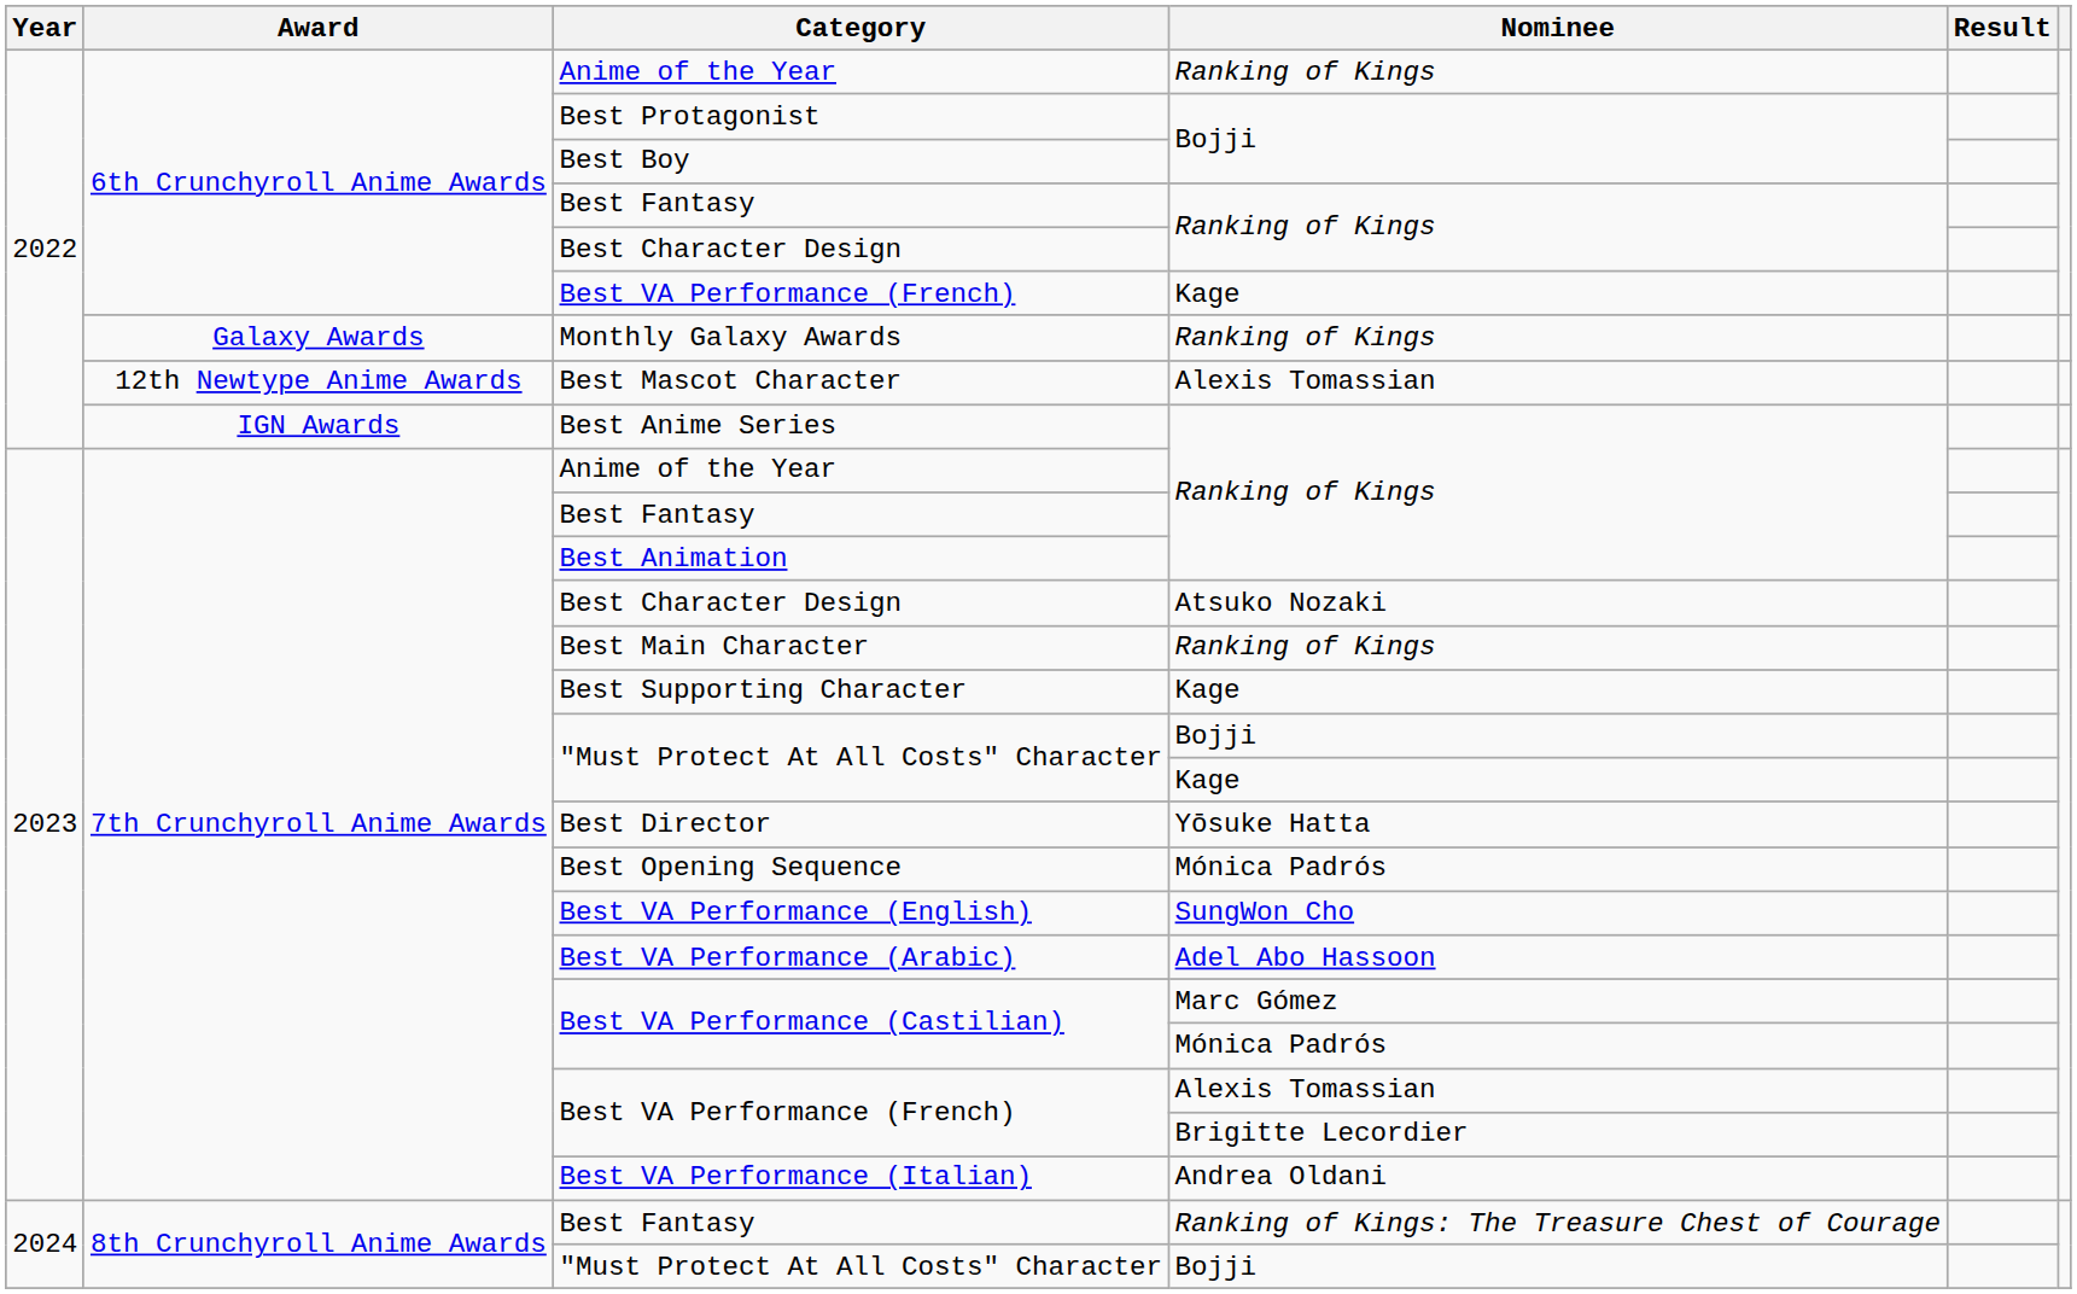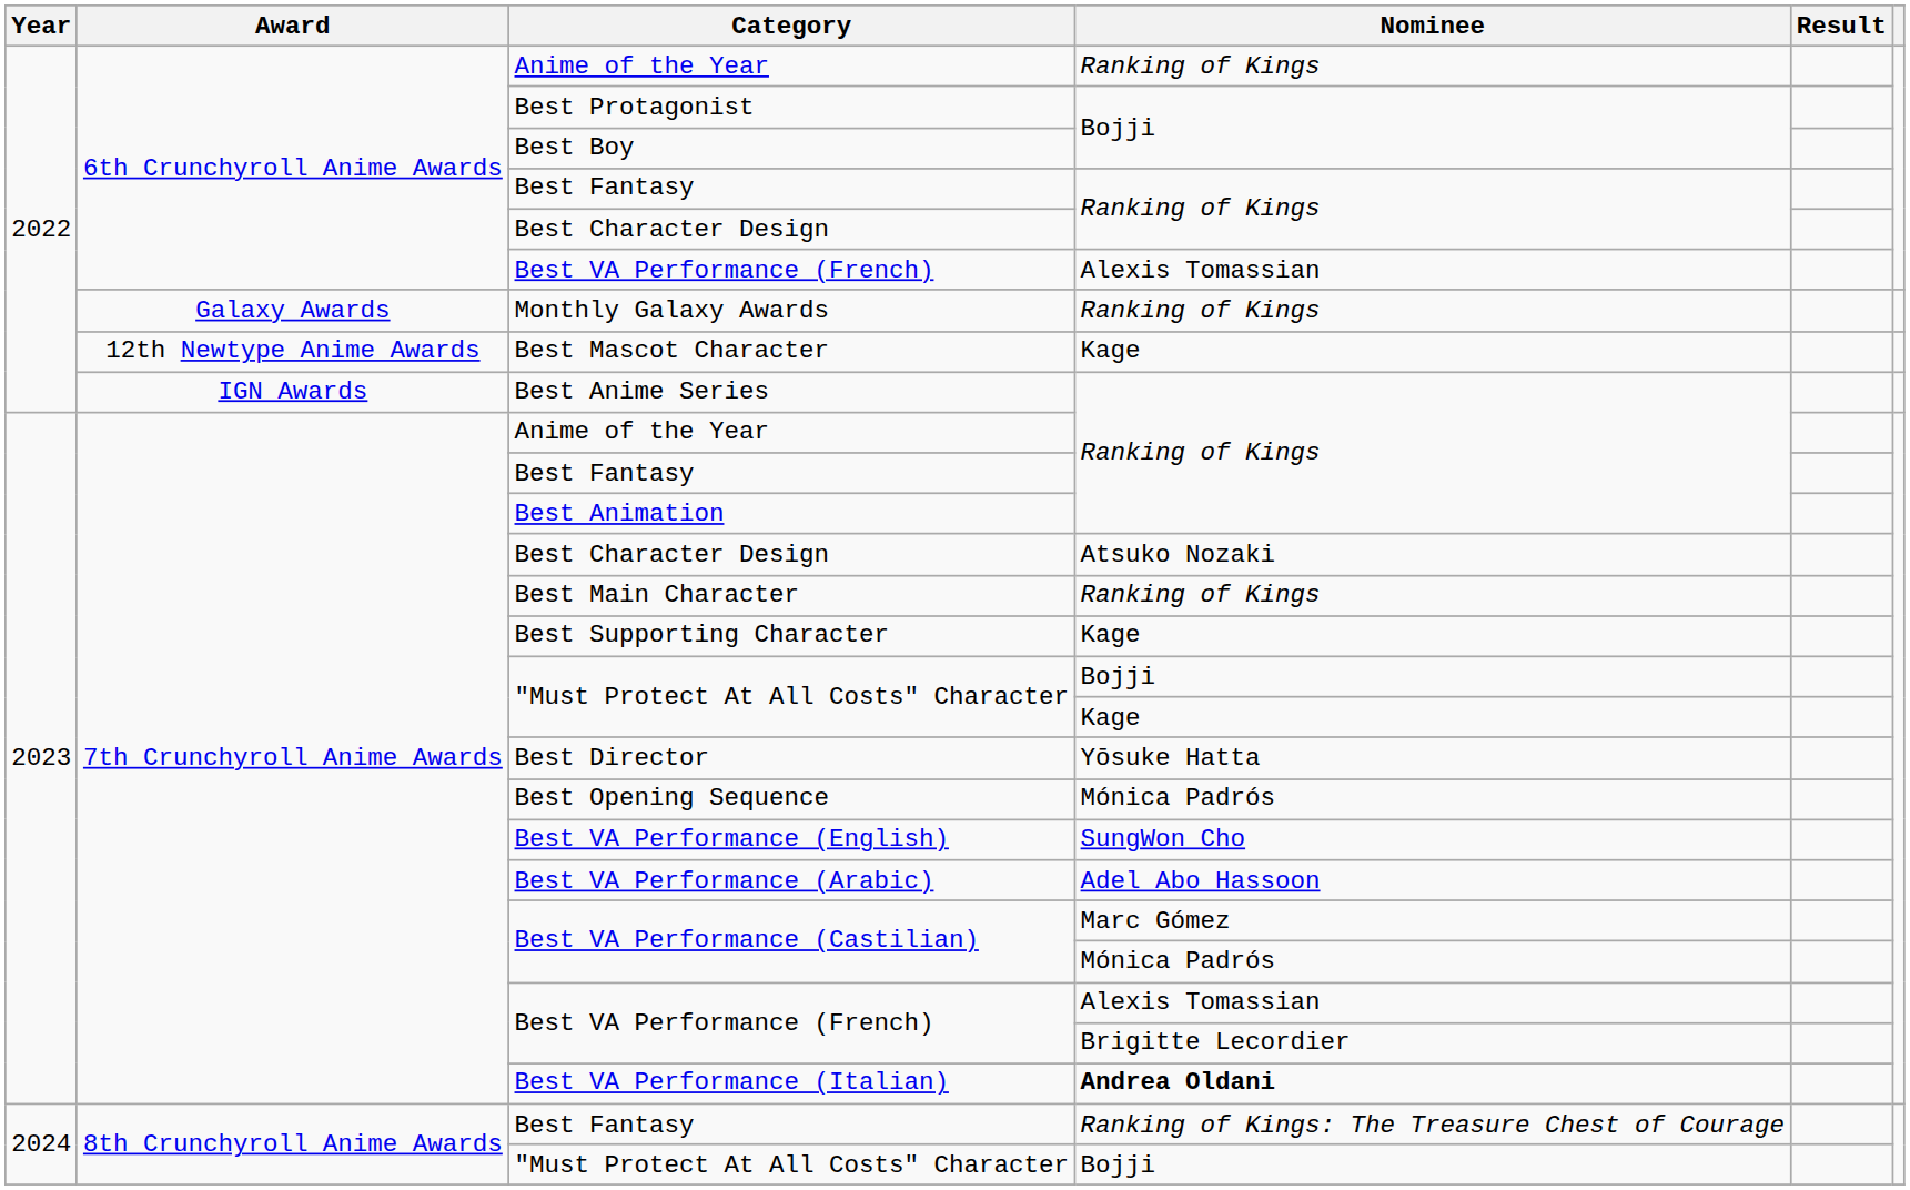 <table class="wikitable plainrowheaders sortable">
 <tr>
 <th scope="col">Year</th>
 <th scope="col">Award</th>
 <th scope="col">Category</th>
 <th scope="col">Nominee</th>
 <th scope="col">Result</th>
 <th scope="col" class="unsortable"></th>
 </tr>
 <tr>
 <td rowspan="9" align="center">2022</td>
 <td rowspan="6" align="center"><a href='#'>6th Crunchyroll Anime Awards</a></td>
 <td><a href='#'>Anime of the Year</a></td>
 <td><em>Ranking of Kings</em></td>
 <td></td>
 <td rowspan="6" style="text-align:center;"></td>
 </tr>
 <tr>
 <td>Best Protagonist</td>
 <td rowspan="2">Bojji</td>
 <td></td>
 </tr>
 <tr>
 <td>Best Boy</td>
 <td></td>
 </tr>
 <tr>
 <td>Best Fantasy</td>
 <td rowspan="2"><em>Ranking of Kings</em></td>
 <td></td>
 </tr>
 <tr>
 <td>Best Character Design</td>
 <td></td>
 </tr>
 <tr>
 <td><a href='#'>Best VA Performance (French)</a></td>
-<td>Kage</td>
+<td>Alexis Tomassian </td>
 <td></td>
 </tr>
 <tr>
 <td align="center"><a href='#'>Galaxy Awards</a></td>
 <td>Monthly Galaxy Awards</td>
 <td><em>Ranking of Kings</em></td>
 <td></td>
 <td style="text-align:center;"></td>
 </tr>
 <tr>
 <td align="center">12th <a href='#'>Newtype Anime Awards</a></td>
 <td>Best Mascot Character</td>
-<td>Alexis Tomassian </td>
+<td>Kage</td>
 <td></td>
 <td style="text-align:center;"></td>
 </tr>
 <tr>
 <td align="center"><a href='#'>IGN Awards</a></td>
 <td>Best Anime Series</td>
 <td rowspan="4"><em>Ranking of Kings</em></td>
 <td></td>
 <td style="text-align:center;"></td>
 </tr>
 <tr>
 <td rowspan="17" align="center">2023</td>
 <td rowspan="17" align="center"><a href='#'>7th Crunchyroll Anime Awards</a></td>
 <td>Anime of the Year</td>
 <td></td>
 <td rowspan="17" style="text-align:center;"></td>
 </tr>
 <tr>
 <td>Best Fantasy</td>
 <td></td>
 </tr>
 <tr>
 <td><a href='#'>Best Animation</a></td>
 <td></td>
 </tr>
 <tr>
 <td>Best Character Design</td>
 <td>Atsuko Nozaki</td>
 <td></td>
 </tr>
 <tr>
 <td>Best Main Character</td>
 <td><em>Ranking of Kings</em></td>
 <td></td>
 </tr>
 <tr>
 <td>Best Supporting Character</td>
 <td>Kage</td>
 <td></td>
 </tr>
 <tr>
 <td rowspan="2">"Must Protect At All Costs" Character</td>
 <td>Bojji</td>
 <td></td>
 </tr>
 <tr>
 <td>Kage</td>
 <td></td>
 </tr>
 <tr>
 <td>Best Director</td>
 <td>Yōsuke Hatta</td>
 <td></td>
 </tr>
 <tr>
 <td>Best Opening Sequence</td>
 <td>Mónica Padrós </td>
 <td></td>
 </tr>
 <tr>
 <td><a href='#'>Best VA Performance (English)</a></td>
 <td><a href='#'>SungWon Cho</a> </td>
 <td></td>
 </tr>
 <tr>
 <td><a href='#'>Best VA Performance (Arabic)</a></td>
 <td><a href='#'>Adel Abo Hassoon</a> </td>
 <td></td>
 </tr>
 <tr>
 <td rowspan="2"><a href='#'>Best VA Performance (Castilian)</a></td>
 <td>Marc Gómez </td>
 <td></td>
 </tr>
 <tr>
 <td>Mónica Padrós </td>
 <td></td>
 </tr>
 <tr>
 <td rowspan="2">Best VA Performance (French)</td>
 <td>Alexis Tomassian </td>
 <td></td>
 </tr>
 <tr>
 <td>Brigitte Lecordier </td>
 <td></td>
 </tr>
 <tr>
 <td><a href='#'>Best VA Performance (Italian)</a></td>
-<td>Andrea Oldani </td>
+<td><strong>Andrea Oldani </strong></td>
 <td></td>
 </tr>
 <tr>
 <td rowspan="2" align="center">2024</td>
 <td rowspan="2" align="center"><a href='#'>8th Crunchyroll Anime Awards</a></td>
 <td>Best Fantasy</td>
 <td><em>Ranking of Kings: The Treasure Chest of Courage</em></td>
 <td></td>
 <td rowspan="2" style="text-align:center;"></td>
 </tr>
 <tr>
 <td>"Must Protect At All Costs" Character</td>
 <td>Bojji</td>
 <td></td>
 </tr>
 </table>
